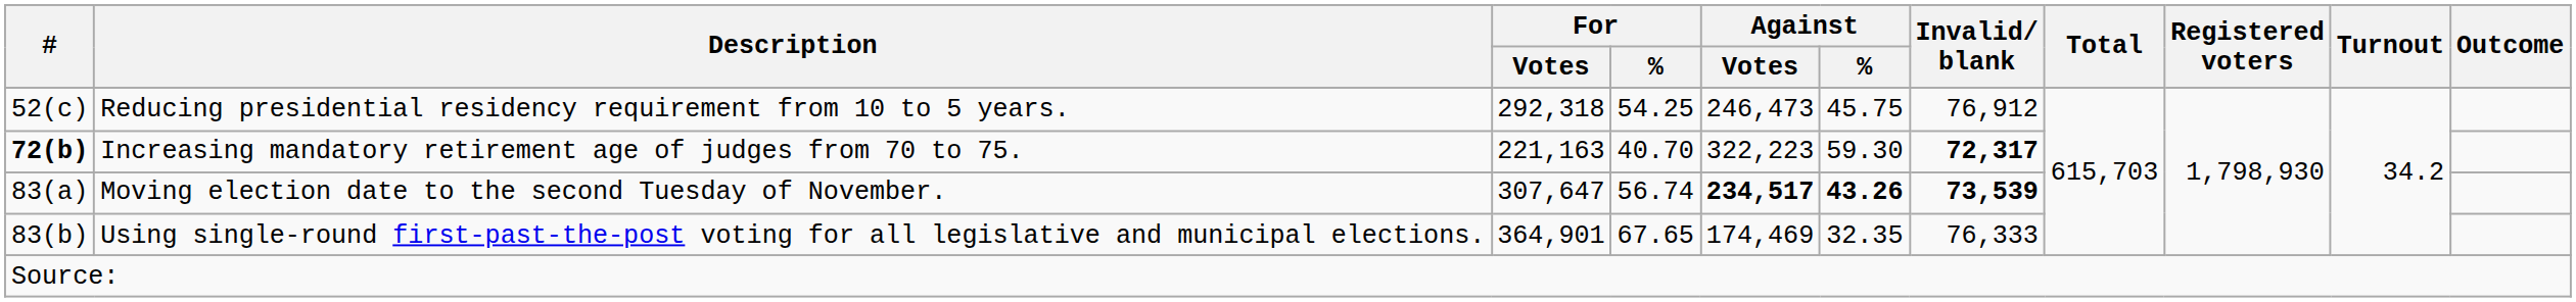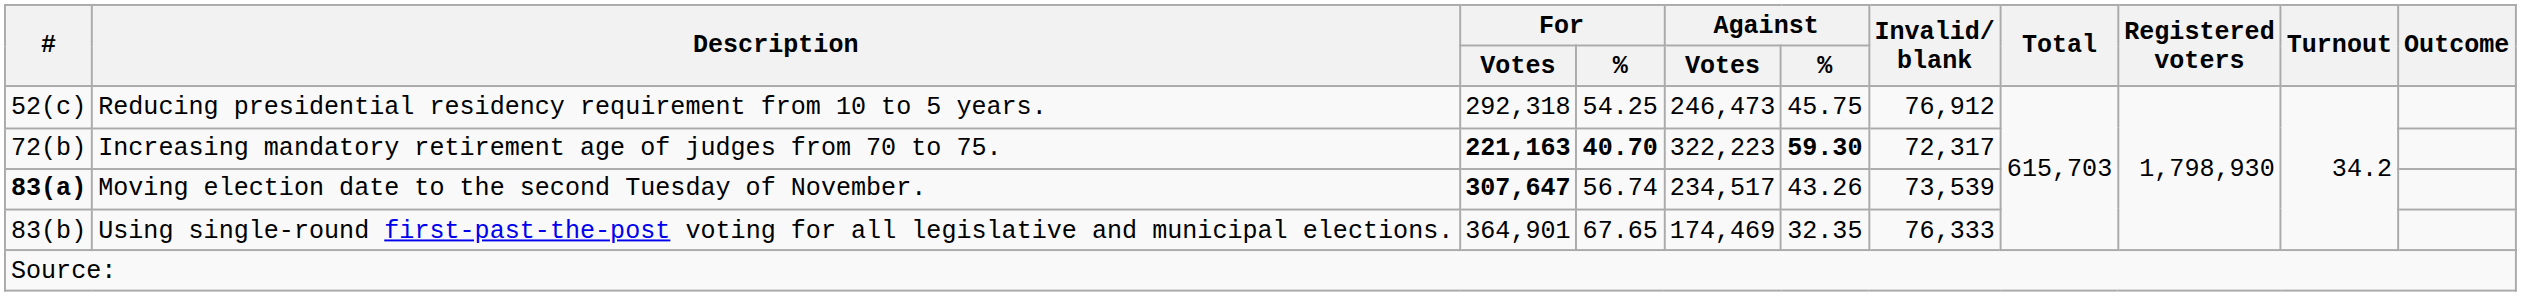 <table class=wikitable style=text-align:right>
 <tr>
 <th rowspan=2>#</th>
 <th rowspan=2>Description</th>
 <th colspan=2>For</th>
 <th colspan=2>Against</th>
 <th rowspan=2>Invalid/<br>blank</th>
 <th rowspan=2>Total</th>
 <th rowspan=2>Registered<br>voters</th>
 <th rowspan=2>Turnout</th>
 <th rowspan=2>Outcome</th>
 </tr>
 <tr>
 <th>Votes</th>
 <th>%</th>
 <th>Votes</th>
 <th>%</th>
 </tr>
 <tr>
 <td align=left>52(c)</td>
 <td align=left>Reducing presidential residency requirement from 10 to 5 years.</td>
 <td>292,318</td>
 <td>54.25</td>
 <td>246,473</td>
 <td>45.75</td>
 <td>76,912</td>
 <td rowspan=4>615,703</td>
 <td rowspan=4>1,798,930</td>
 <td rowspan=4>34.2</td>
 <td></td>
 </tr>
 <tr>
-<td align=left><strong>72(b)</strong></td>
+<td align=left>72(b)</td>
 <td align=left>Increasing mandatory retirement age of judges from 70 to 75.</td>
-<td>221,163</td>
-<td>40.70</td>
+<td><strong>221,163</strong></td>
+<td><strong>40.70</strong></td>
 <td>322,223</td>
-<td>59.30</td>
-<td><strong>72,317</strong></td>
+<td><strong>59.30</strong></td>
+<td>72,317</td>
 <td></td>
 </tr>
 <tr>
-<td align=left>83(a)</td>
+<td align=left><strong>83(a)</strong></td>
 <td align=left>Moving election date to the second Tuesday of November.</td>
-<td>307,647</td>
+<td><strong>307,647</strong></td>
 <td>56.74</td>
-<td><strong>234,517</strong></td>
-<td><strong>43.26</strong></td>
-<td><strong>73,539</strong></td>
+<td>234,517</td>
+<td>43.26</td>
+<td>73,539</td>
 <td></td>
 </tr>
 <tr>
 <td align=left>83(b)</td>
 <td align=left>Using single-round <a href='#'>first-past-the-post</a> voting for all legislative and municipal elections.</td>
 <td>364,901</td>
 <td>67.65</td>
 <td>174,469</td>
 <td>32.35</td>
 <td>76,333</td>
 <td></td>
 </tr>
 <tr>
 <td align=left colspan=12>Source: </td>
 </tr>
 </table>
